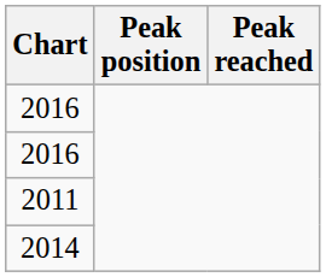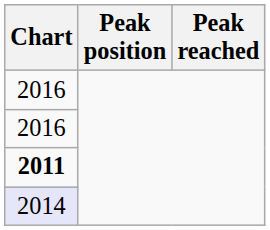 <table class="wikitable plainrowheaders sortable" style="text-align:center;">
 <tr>
 <th>Chart</th>
 <th>Peak<br>position</th>
 <th>Peak<br>reached</th>
 </tr>
 <tr>
 <td>2016</td>
 </tr>
 <tr>
 <td>2016</td>
 </tr>
 <tr>
-<td>2011</td>
+<td><strong>2011</strong></td>
 </tr>
 <tr>
-<td>2014</td>
+<td style="background: lavender;">2014</td>
 </tr>
 </table>
